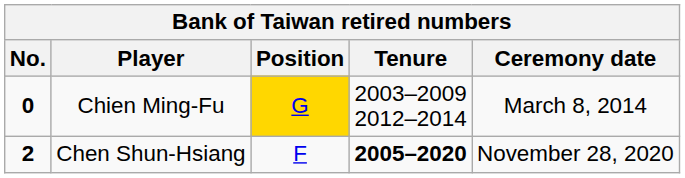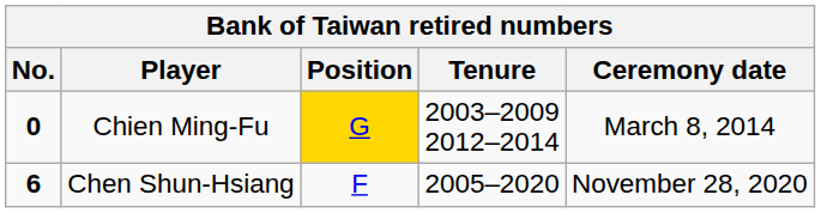 <table class="wikitable sortable" style="text-align:center">
 <tr>
 <th colspan="5">Bank of Taiwan retired numbers</th>
 </tr>
 <tr>
 <th>No.</th>
 <th>Player</th>
 <th>Position</th>
 <th>Tenure</th>
 <th>Ceremony date</th>
 </tr>
 <tr>
 <td><strong>0</strong></td>
 <td>Chien Ming-Fu</td>
 <td style="background: gold;"><a href='#'>G</a></td>
 <td>2003–2009<br>2012–2014</td>
 <td>March 8, 2014</td>
 </tr>
 <tr>
-<td><strong>2</strong></td>
+<td><strong>6</strong></td>
 <td>Chen Shun-Hsiang</td>
 <td><a href='#'>F</a></td>
-<td><strong>2005–2020</strong></td>
+<td>2005–2020</td>
 <td>November 28, 2020</td>
 </tr>
 </table>
